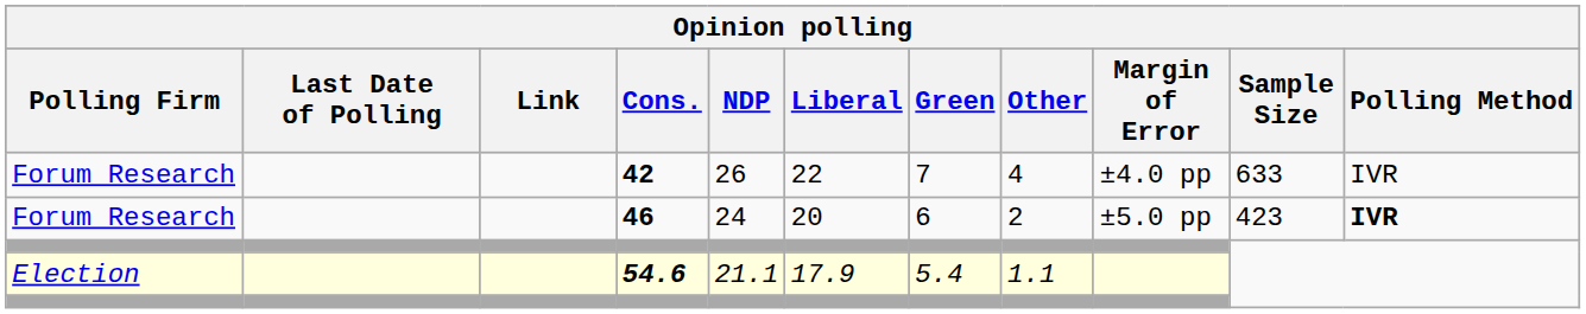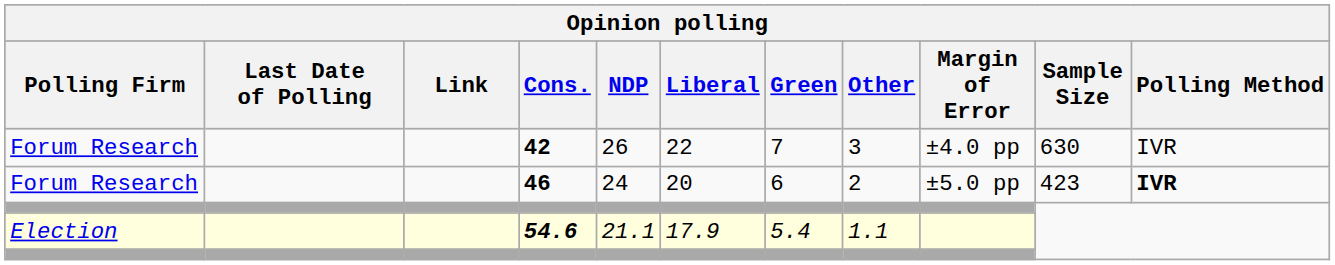 <table class="wikitable collapsible sortable collapsed">
 <tr style="background:#e9e9e9;">
 <th style="width:640px,;" colspan="11">Opinion polling</th>
 </tr>
 <tr style="background:#e9e9e9;">
 <th style="width:110px">Polling Firm</th>
 <th style="width:110px">Last Date<br>of Polling</th>
 <th style="width:60px" class="unsortable">Link</th>
 <th style="background-color:"><a href='#'>Cons.</a></th>
 <th style="background-color:"><a href='#'>NDP</a></th>
 <th style="background-color:"><a href='#'>Liberal</a></th>
 <th style="background-color:"><a href='#'>Green</a></th>
 <th style="background-color:"><a href='#'>Other</a></th>
 <th style="width:60px;" class=unsortable>Margin<br>of Error</th>
 <th style="width:50px;" class=unsortable>Sample<br>Size</th>
 <th class=unsortable>Polling Method</th>
 </tr>
 <tr>
 <td><a href='#'>Forum Research</a></td>
 <td></td>
 <td></td>
 <td><strong>42</strong></td>
 <td>26</td>
 <td>22</td>
 <td>7</td>
-<td>4</td>
+<td>3</td>
 <td>±4.0 pp</td>
-<td>633</td>
+<td>630</td>
 <td>IVR</td>
 </tr>
 <tr>
 <td><a href='#'>Forum Research</a></td>
 <td></td>
 <td></td>
 <td><strong>46</strong></td>
 <td>24</td>
 <td>20</td>
 <td>6</td>
 <td>2</td>
 <td>±5.0 pp</td>
 <td>423</td>
 <td><strong>IVR</strong></td>
 </tr>
 <tr style="background:Darkgrey;">
 <td></td>
 <td></td>
 <td></td>
 <td></td>
 <td></td>
 <td></td>
 <td></td>
 <td></td>
 <td></td>
 </tr>
 <tr>
 <td style="background:#ffd;"><em><a href='#'>Election</a></em></td>
 <td style="background:#ffd;"></td>
 <td style="background:#ffd;"></td>
 <td style="background:#ffd;"><strong><em>54.6</em></strong></td>
 <td style="background:#ffd;"><em>21.1</em></td>
 <td style="background:#ffd;"><em>17.9</em></td>
 <td style="background:#ffd;"><em>5.4</em></td>
 <td style="background:#ffd;"><em>1.1</em></td>
 <td style="background:#ffd;"></td>
 </tr>
 <tr style="background:Darkgrey;">
 <td></td>
 <td></td>
 <td></td>
 <td></td>
 <td></td>
 <td></td>
 <td></td>
 <td></td>
 <td></td>
 </tr>
 </table>
